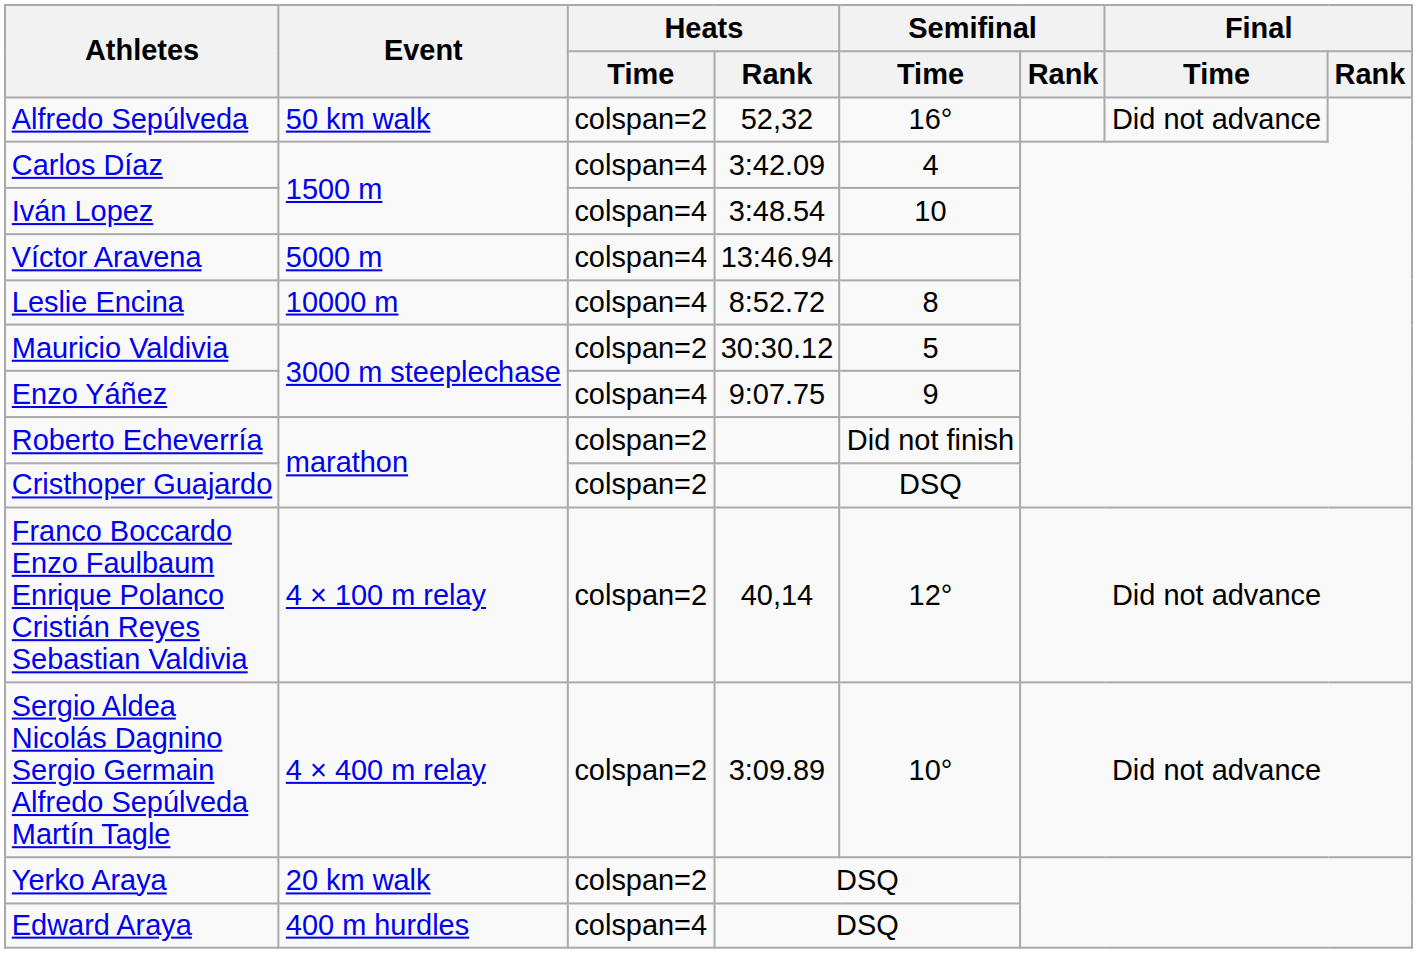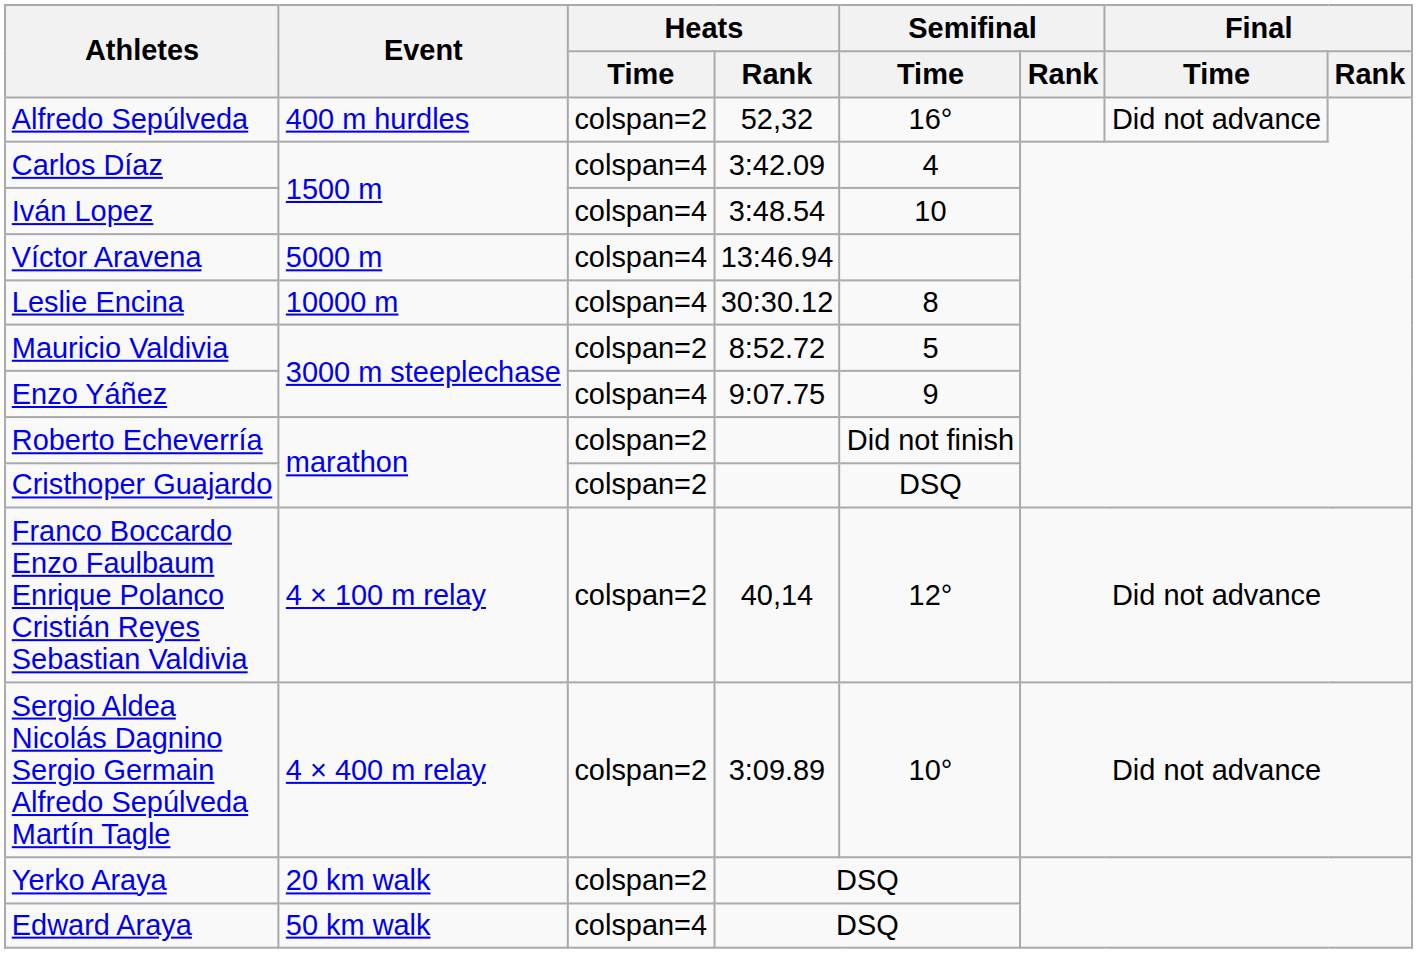 <table class="wikitable" border="1" style="font-size:90%">
 <tr>
 <th rowspan=2>Athletes</th>
 <th rowspan=2>Event</th>
 <th colspan=2>Heats</th>
 <th colspan=2>Semifinal</th>
 <th colspan=2>Final</th>
 </tr>
 <tr>
 <th>Time</th>
 <th>Rank</th>
 <th>Time</th>
 <th>Rank</th>
 <th>Time</th>
 <th>Rank</th>
 </tr>
 <tr>
 <td><a href='#'>Alfredo Sepúlveda</a></td>
-<td><a href='#'>50 km walk</a></td>
+<td><a href='#'>400 m hurdles</a></td>
 <td>colspan=2 </td>
 <td align=center>52,32</td>
 <td align=center>16°</td>
 <td align=center></td>
 <td align=center>Did not advance</td>
 </tr>
 <tr>
 <td><a href='#'>Carlos Díaz</a></td>
 <td rowspan=2><a href='#'>1500 m</a></td>
 <td>colspan=4 </td>
 <td align=center>3:42.09</td>
 <td align=center>4</td>
 </tr>
 <tr>
 <td><a href='#'>Iván Lopez</a></td>
 <td>colspan=4 </td>
 <td align=center>3:48.54</td>
 <td align=center>10</td>
 </tr>
 <tr>
 <td><a href='#'>Víctor Aravena</a></td>
 <td><a href='#'>5000 m</a></td>
 <td>colspan=4 </td>
 <td align=center>13:46.94</td>
 <td align=center></td>
 </tr>
 <tr>
 <td><a href='#'>Leslie Encina</a></td>
 <td><a href='#'>10000 m</a></td>
 <td>colspan=4 </td>
-<td align=center>8:52.72</td>
+<td align=center>30:30.12</td>
 <td align=center>8</td>
 </tr>
 <tr>
 <td><a href='#'>Mauricio Valdivia</a></td>
 <td rowspan=2><a href='#'>3000 m steeplechase</a></td>
 <td>colspan=2 </td>
-<td align=center>30:30.12</td>
+<td align=center>8:52.72</td>
 <td align=center>5</td>
 </tr>
 <tr>
 <td><a href='#'>Enzo Yáñez</a></td>
 <td>colspan=4 </td>
 <td align=center>9:07.75</td>
 <td align=center>9</td>
 </tr>
 <tr>
 <td><a href='#'>Roberto Echeverría</a></td>
 <td rowspan=2><a href='#'>marathon</a></td>
 <td>colspan=2 </td>
 <td align=center></td>
 <td align=center>Did not finish</td>
 </tr>
 <tr>
 <td><a href='#'>Cristhoper Guajardo</a></td>
 <td>colspan=2 </td>
 <td align=center></td>
 <td align=center>DSQ</td>
 </tr>
 <tr>
 <td><a href='#'>Franco Boccardo</a><br><a href='#'>Enzo Faulbaum</a><br><a href='#'>Enrique Polanco</a><br><a href='#'>Cristián Reyes</a><br><a href='#'>Sebastian Valdivia</a></td>
 <td><a href='#'>4 × 100 m relay</a></td>
 <td>colspan=2 </td>
 <td align=center>40,14</td>
 <td align=center>12°</td>
 <td align=center colspan="5">Did not advance</td>
 </tr>
 <tr>
 <td><a href='#'>Sergio Aldea</a><br><a href='#'>Nicolás Dagnino</a><br><a href='#'>Sergio Germain</a><br><a href='#'>Alfredo Sepúlveda</a><br><a href='#'>Martín Tagle</a></td>
 <td><a href='#'>4 × 400 m relay</a></td>
 <td>colspan=2 </td>
 <td align=center>3:09.89</td>
 <td align=center>10°</td>
 <td align=center colspan="5">Did not advance</td>
 </tr>
 <tr>
 <td><a href='#'>Yerko Araya</a></td>
 <td><a href='#'>20 km walk</a></td>
 <td>colspan=2 </td>
 <td align=center colspan=2>DSQ</td>
 </tr>
 <tr>
 <td><a href='#'>Edward Araya</a></td>
-<td><a href='#'>400 m hurdles</a></td>
+<td><a href='#'>50 km walk</a></td>
 <td>colspan=4 </td>
 <td align=center colspan=2>DSQ</td>
 </tr>
 </table>
